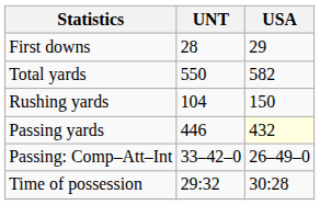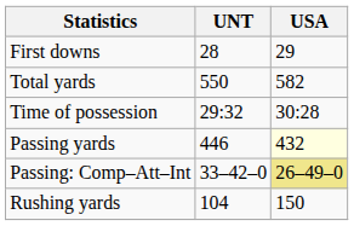 <table class="wikitable" style="float: left;">
 <tr>
 <th>Statistics</th>
 <th>UNT</th>
 <th>USA</th>
 </tr>
 <tr>
 <td>First downs</td>
 <td>28</td>
 <td>29</td>
 </tr>
 <tr>
 <td>Total yards</td>
 <td>550</td>
 <td>582</td>
 </tr>
 <tr>
-<td>Rushing yards</td>
-<td>104</td>
-<td>150</td>
+<td>Time of possession</td>
+<td>29:32</td>
+<td>30:28</td>
 </tr>
 <tr>
 <td>Passing yards</td>
 <td>446</td>
 <td style="background: lightyellow;">432</td>
 </tr>
 <tr>
 <td>Passing: Comp–Att–Int</td>
 <td>33–42–0</td>
-<td>26–49–0</td>
+<td style="background: khaki;">26–49–0</td>
 </tr>
 <tr>
-<td>Time of possession</td>
-<td>29:32</td>
-<td>30:28</td>
+<td>Rushing yards</td>
+<td>104</td>
+<td>150</td>
 </tr>
 <tr>
 </tr>
 </table>
